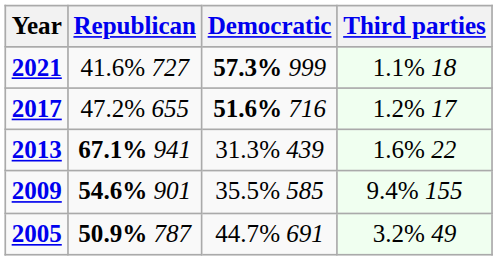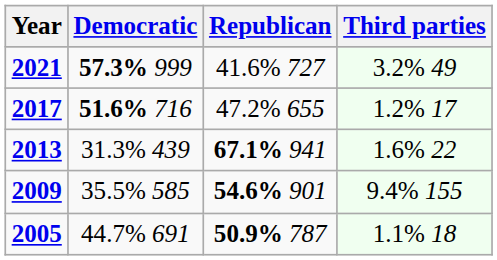 <table class="wikitable" style="float:right; font-size:95%;">
 <tr bgcolor=lightgrey>
 <th>Year</th>
+<th><a href='#'>Democratic</a></th>
 <th><a href='#'>Republican</a></th>
-<th><a href='#'>Democratic</a></th>
 <th><a href='#'>Third parties</a></th>
 </tr>
 <tr>
 <td style="text-align:center; "><strong><a href='#'>2021</a></strong></td>
+<td style="text-align:center; "><strong>57.3%</strong> <em>999</em></td>
 <td style="text-align:center; ">41.6% <em>727</em></td>
-<td style="text-align:center; "><strong>57.3%</strong> <em>999</em></td>
-<td style="text-align:center; background:honeyDew;">1.1% <em>18</em></td>
+<td style="text-align:center; background:honeyDew;">3.2% <em>49</em></td>
 </tr>
 <tr>
 <td style="text-align:center; "><strong><a href='#'>2017</a></strong></td>
+<td style="text-align:center; "><strong>51.6%</strong>  <em>716</em></td>
 <td style="text-align:center; ">47.2% <em>655</em></td>
-<td style="text-align:center; "><strong>51.6%</strong>  <em>716</em></td>
 <td style="text-align:center; background:honeyDew;">1.2% <em>17</em></td>
 </tr>
 <tr>
 <td style="text-align:center; "><strong><a href='#'>2013</a></strong></td>
+<td style="text-align:center; ">31.3%  <em>439</em></td>
 <td style="text-align:center; "><strong>67.1%</strong> <em>941</em></td>
-<td style="text-align:center; ">31.3%  <em>439</em></td>
 <td style="text-align:center; background:honeyDew;">1.6% <em>22</em></td>
 </tr>
 <tr>
 <td style="text-align:center; "><strong><a href='#'>2009</a></strong></td>
+<td style="text-align:center; ">35.5%  <em>585</em></td>
 <td style="text-align:center; "><strong>54.6%</strong> <em>901</em></td>
-<td style="text-align:center; ">35.5%  <em>585</em></td>
 <td style="text-align:center; background:honeyDew;">9.4% <em>155</em></td>
 </tr>
 <tr>
 <td style="text-align:center; "><strong><a href='#'>2005</a></strong></td>
+<td style="text-align:center; ">44.7%  <em>691</em></td>
 <td style="text-align:center; "><strong>50.9%</strong> <em>787</em></td>
-<td style="text-align:center; ">44.7%  <em>691</em></td>
-<td style="text-align:center; background:honeyDew;">3.2% <em>49</em></td>
+<td style="text-align:center; background:honeyDew;">1.1% <em>18</em></td>
 </tr>
 </table>
